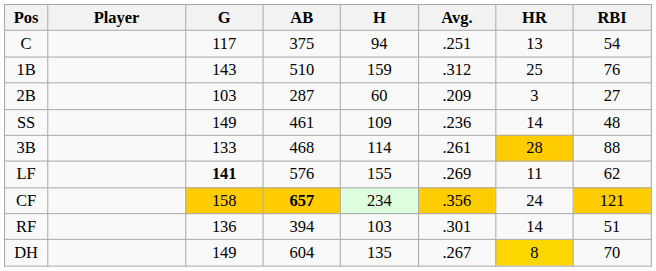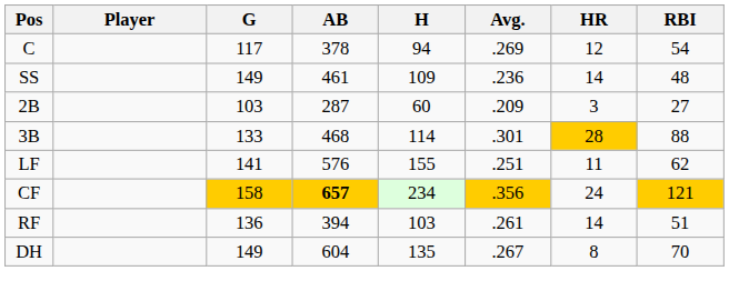 <table class="wikitable sortable">
 <tr>
 <th bgcolor="#DDDDFF" width="5%">Pos</th>
 <th bgcolor="#DDDDFF" width="16%">Player</th>
 <th bgcolor="#DDDDFF" width="9%">G</th>
 <th bgcolor="#DDDDFF" width="9%">AB</th>
 <th bgcolor="#DDDDFF" width="9%">H</th>
 <th bgcolor="#DDDDFF" width="9%">Avg.</th>
 <th bgcolor="#DDDDFF" width="9%">HR</th>
 <th bgcolor="#DDDDFF" width="9%">RBI</th>
 </tr>
 <tr align="center">
 <td>C</td>
 <td></td>
 <td>117</td>
-<td>375</td>
+<td>378</td>
 <td>94</td>
-<td>.251</td>
-<td>13</td>
+<td>.269</td>
+<td>12</td>
 <td>54</td>
 </tr>
 <tr align="center">
-<td>1B</td>
+<td>SS</td>
 <td></td>
-<td>143</td>
-<td>510</td>
-<td>159</td>
-<td>.312</td>
-<td>25</td>
-<td>76</td>
+<td>149</td>
+<td>461</td>
+<td>109</td>
+<td>.236</td>
+<td>14</td>
+<td>48</td>
 </tr>
 <tr align="center">
 <td>2B</td>
 <td></td>
 <td>103</td>
 <td>287</td>
 <td>60</td>
 <td>.209</td>
 <td>3</td>
 <td>27</td>
 </tr>
 <tr align="center">
-<td>SS</td>
-<td></td>
-<td>149</td>
-<td>461</td>
-<td>109</td>
-<td>.236</td>
-<td>14</td>
-<td>48</td>
-</tr>
-<tr align="center">
 <td>3B</td>
 <td></td>
 <td>133</td>
 <td>468</td>
 <td>114</td>
-<td>.261</td>
+<td>.301</td>
 <td style="background:#fc0;">28</td>
 <td>88</td>
 </tr>
 <tr align="center">
 <td>LF</td>
 <td></td>
-<td><strong>141</strong></td>
+<td>141</td>
 <td>576</td>
 <td>155</td>
-<td>.269</td>
+<td>.251</td>
 <td>11</td>
 <td>62</td>
 </tr>
 <tr align="center">
 <td>CF</td>
 <td></td>
 <td style="background:#fc0;">158</td>
 <td style="background:#fc0;"><strong>657</strong></td>
 <td style="background:#DDFFDD;">234</td>
 <td style="background:#fc0;">.356</td>
 <td>24</td>
 <td style="background:#fc0;">121</td>
 </tr>
 <tr align="center">
 <td>RF</td>
 <td></td>
 <td>136</td>
 <td>394</td>
 <td>103</td>
-<td>.301</td>
+<td>.261</td>
 <td>14</td>
 <td>51</td>
 </tr>
 <tr align="center">
 <td>DH</td>
 <td></td>
 <td>149</td>
 <td>604</td>
 <td>135</td>
 <td>.267</td>
-<td style="background: gold;">8</td>
+<td>8</td>
 <td>70</td>
 </tr>
 </table>
